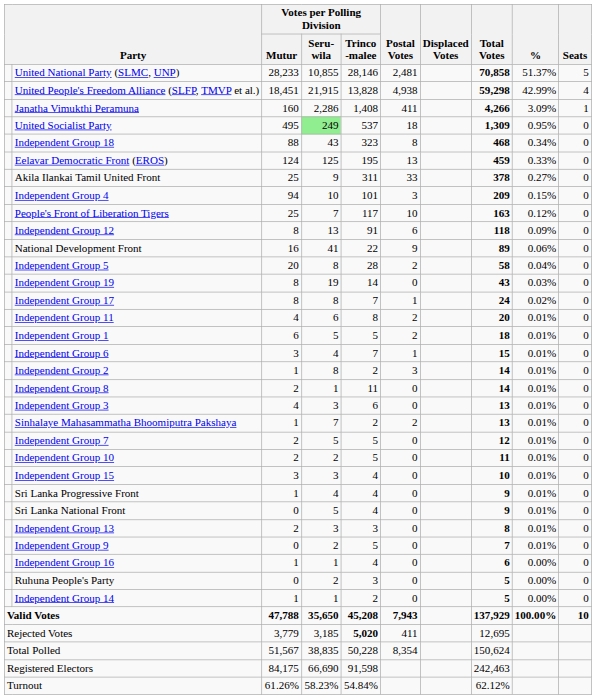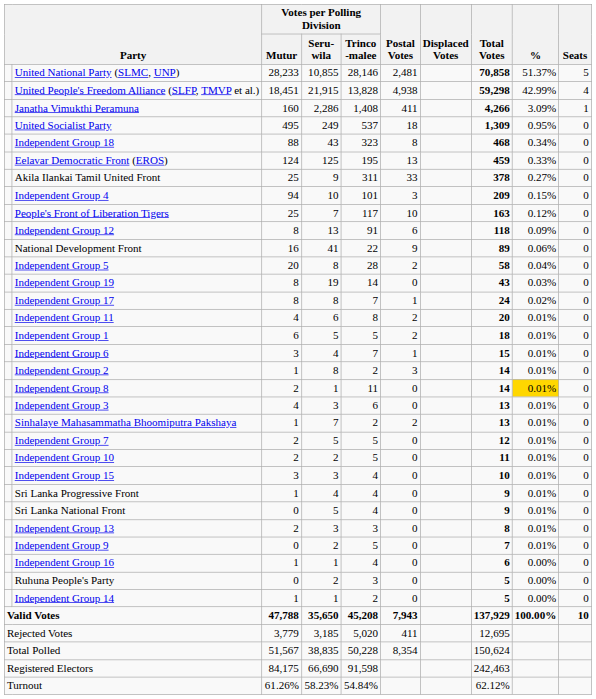 <table class="wikitable" border="1" style="text-align:right;">
 <tr>
 <th align=left valign=bottom rowspan=2 colspan=2>Party</th>
 <th colspan=3>Votes per Polling Division</th>
 <th align=center valign=bottom rowspan=2 width="50">Postal<br>Votes</th>
 <th align=center valign=bottom rowspan=2 width="50">Displaced<br>Votes</th>
 <th align=center valign=bottom rowspan=2 width="50">Total Votes</th>
 <th align=center valign=bottom rowspan=2 width="50">%</th>
 <th align=center valign=bottom rowspan=2 width="40">Seats</th>
 </tr>
 <tr>
 <th align=center valign=bottom width="50">Mutur</th>
 <th align=center valign=bottom width="50">Seru-<br>wila</th>
 <th align=center valign=bottom width="50">Trinco<br>-malee</th>
 </tr>
 <tr>
 <td bgcolor=> </td>
 <td align=left><a href='#'>United National Party</a> (<a href='#'>SLMC</a>, <a href='#'>UNP</a>)</td>
 <td>28,233</td>
 <td>10,855</td>
 <td>28,146</td>
 <td>2,481</td>
 <td></td>
 <td><strong>70,858</strong></td>
 <td>51.37%</td>
 <td>5</td>
 </tr>
 <tr>
 <td bgcolor=> </td>
 <td align=left><a href='#'>United People's Freedom Alliance</a> (<a href='#'>SLFP</a>, <a href='#'>TMVP</a> et al.)</td>
 <td>18,451</td>
 <td>21,915</td>
 <td>13,828</td>
 <td>4,938</td>
 <td></td>
 <td><strong>59,298</strong></td>
 <td>42.99%</td>
 <td>4</td>
 </tr>
 <tr>
 <td bgcolor=> </td>
 <td align=left><a href='#'>Janatha Vimukthi Peramuna</a></td>
 <td>160</td>
 <td>2,286</td>
 <td>1,408</td>
 <td>411</td>
 <td></td>
 <td><strong>4,266</strong></td>
 <td>3.09%</td>
 <td>1</td>
 </tr>
 <tr>
 <td></td>
 <td align=left><a href='#'>United Socialist Party</a></td>
 <td>495</td>
-<td style="background: lightgreen;">249</td>
+<td>249</td>
 <td>537</td>
 <td>18</td>
 <td></td>
 <td><strong>1,309</strong></td>
 <td>0.95%</td>
 <td>0</td>
 </tr>
 <tr>
 <td bgcolor=> </td>
 <td align=left><a href='#'>Independent Group 18</a></td>
 <td>88</td>
 <td>43</td>
 <td>323</td>
 <td>8</td>
 <td></td>
 <td><strong>468</strong></td>
 <td>0.34%</td>
 <td>0</td>
 </tr>
 <tr>
 <td bgcolor=> </td>
 <td align=left><a href='#'>Eelavar Democratic Front</a> (<a href='#'>EROS</a>)</td>
 <td>124</td>
 <td>125</td>
 <td>195</td>
 <td>13</td>
 <td></td>
 <td><strong>459</strong></td>
 <td>0.33%</td>
 <td>0</td>
 </tr>
 <tr>
 <td></td>
 <td align=left>Akila Ilankai Tamil United Front</td>
 <td>25</td>
 <td>9</td>
 <td>311</td>
 <td>33</td>
 <td></td>
 <td><strong>378</strong></td>
 <td>0.27%</td>
 <td>0</td>
 </tr>
 <tr>
 <td bgcolor=> </td>
 <td align=left><a href='#'>Independent Group 4</a></td>
 <td>94</td>
 <td>10</td>
 <td>101</td>
 <td>3</td>
 <td></td>
 <td><strong>209</strong></td>
 <td>0.15%</td>
 <td>0</td>
 </tr>
 <tr>
 <td></td>
 <td align=left><a href='#'>People's Front of Liberation Tigers</a></td>
 <td>25</td>
 <td>7</td>
 <td>117</td>
 <td>10</td>
 <td></td>
 <td><strong>163</strong></td>
 <td>0.12%</td>
 <td>0</td>
 </tr>
 <tr>
 <td bgcolor=> </td>
 <td align=left><a href='#'>Independent Group 12</a></td>
 <td>8</td>
 <td>13</td>
 <td>91</td>
 <td>6</td>
 <td></td>
 <td><strong>118</strong></td>
 <td>0.09%</td>
 <td>0</td>
 </tr>
 <tr>
 <td></td>
 <td align=left>National Development Front</td>
 <td>16</td>
 <td>41</td>
 <td>22</td>
 <td>9</td>
 <td></td>
 <td><strong>89</strong></td>
 <td>0.06%</td>
 <td>0</td>
 </tr>
 <tr>
 <td bgcolor=> </td>
 <td align=left><a href='#'>Independent Group 5</a></td>
 <td>20</td>
 <td>8</td>
 <td>28</td>
 <td>2</td>
 <td></td>
 <td><strong>58</strong></td>
 <td>0.04%</td>
 <td>0</td>
 </tr>
 <tr>
 <td bgcolor=> </td>
 <td align=left><a href='#'>Independent Group 19</a></td>
 <td>8</td>
 <td>19</td>
 <td>14</td>
 <td>0</td>
 <td></td>
 <td><strong>43</strong></td>
 <td>0.03%</td>
 <td>0</td>
 </tr>
 <tr>
 <td bgcolor=> </td>
 <td align=left><a href='#'>Independent Group 17</a></td>
 <td>8</td>
 <td>8</td>
 <td>7</td>
 <td>1</td>
 <td></td>
 <td><strong>24</strong></td>
 <td>0.02%</td>
 <td>0</td>
 </tr>
 <tr>
 <td bgcolor=> </td>
 <td align=left><a href='#'>Independent Group 11</a></td>
 <td>4</td>
 <td>6</td>
 <td>8</td>
 <td>2</td>
 <td></td>
 <td><strong>20</strong></td>
 <td>0.01%</td>
 <td>0</td>
 </tr>
 <tr>
 <td bgcolor=> </td>
 <td align=left><a href='#'>Independent Group 1</a></td>
 <td>6</td>
 <td>5</td>
 <td>5</td>
 <td>2</td>
 <td></td>
 <td><strong>18</strong></td>
 <td>0.01%</td>
 <td>0</td>
 </tr>
 <tr>
 <td bgcolor=> </td>
 <td align=left><a href='#'>Independent Group 6</a></td>
 <td>3</td>
 <td>4</td>
 <td>7</td>
 <td>1</td>
 <td></td>
 <td><strong>15</strong></td>
 <td>0.01%</td>
 <td>0</td>
 </tr>
 <tr>
 <td bgcolor=> </td>
 <td align=left><a href='#'>Independent Group 2</a></td>
 <td>1</td>
 <td>8</td>
 <td>2</td>
 <td>3</td>
 <td></td>
 <td><strong>14</strong></td>
 <td>0.01%</td>
 <td>0</td>
 </tr>
 <tr>
 <td bgcolor=> </td>
 <td align=left><a href='#'>Independent Group 8</a></td>
 <td>2</td>
 <td>1</td>
 <td>11</td>
 <td>0</td>
 <td></td>
 <td><strong>14</strong></td>
-<td>0.01%</td>
+<td style="background: gold;">0.01%</td>
 <td>0</td>
 </tr>
 <tr>
 <td bgcolor=> </td>
 <td align=left><a href='#'>Independent Group 3</a></td>
 <td>4</td>
 <td>3</td>
 <td>6</td>
 <td>0</td>
 <td></td>
 <td><strong>13</strong></td>
 <td>0.01%</td>
 <td>0</td>
 </tr>
 <tr>
 <td bgcolor=> </td>
 <td align=left><a href='#'>Sinhalaye Mahasammatha Bhoomiputra Pakshaya</a></td>
 <td>1</td>
 <td>7</td>
 <td>2</td>
 <td>2</td>
 <td></td>
 <td><strong>13</strong></td>
 <td>0.01%</td>
 <td>0</td>
 </tr>
 <tr>
 <td bgcolor=> </td>
 <td align=left><a href='#'>Independent Group 7</a></td>
 <td>2</td>
 <td>5</td>
 <td>5</td>
 <td>0</td>
 <td></td>
 <td><strong>12</strong></td>
 <td>0.01%</td>
 <td>0</td>
 </tr>
 <tr>
 <td bgcolor=> </td>
 <td align=left><a href='#'>Independent Group 10</a></td>
 <td>2</td>
 <td>2</td>
 <td>5</td>
 <td>0</td>
 <td></td>
 <td><strong>11</strong></td>
 <td>0.01%</td>
 <td>0</td>
 </tr>
 <tr>
 <td bgcolor=> </td>
 <td align=left><a href='#'>Independent Group 15</a></td>
 <td>3</td>
 <td>3</td>
 <td>4</td>
 <td>0</td>
 <td></td>
 <td><strong>10</strong></td>
 <td>0.01%</td>
 <td>0</td>
 </tr>
 <tr>
 <td></td>
 <td align=left>Sri Lanka Progressive Front</td>
 <td>1</td>
 <td>4</td>
 <td>4</td>
 <td>0</td>
 <td></td>
 <td><strong>9</strong></td>
 <td>0.01%</td>
 <td>0</td>
 </tr>
 <tr>
 <td></td>
 <td align=left>Sri Lanka National Front</td>
 <td>0</td>
 <td>5</td>
 <td>4</td>
 <td>0</td>
 <td></td>
 <td><strong>9</strong></td>
 <td>0.01%</td>
 <td>0</td>
 </tr>
 <tr>
 <td bgcolor=> </td>
 <td align=left><a href='#'>Independent Group 13</a></td>
 <td>2</td>
 <td>3</td>
 <td>3</td>
 <td>0</td>
 <td></td>
 <td><strong>8</strong></td>
 <td>0.01%</td>
 <td>0</td>
 </tr>
 <tr>
 <td bgcolor=> </td>
 <td align=left><a href='#'>Independent Group 9</a></td>
 <td>0</td>
 <td>2</td>
 <td>5</td>
 <td>0</td>
 <td></td>
 <td><strong>7</strong></td>
 <td>0.01%</td>
 <td>0</td>
 </tr>
 <tr>
 <td bgcolor=> </td>
 <td align=left><a href='#'>Independent Group 16</a></td>
 <td>1</td>
 <td>1</td>
 <td>4</td>
 <td>0</td>
 <td></td>
 <td><strong>6</strong></td>
 <td>0.00%</td>
 <td>0</td>
 </tr>
 <tr>
 <td></td>
 <td align=left>Ruhuna People's Party</td>
 <td>0</td>
 <td>2</td>
 <td>3</td>
 <td>0</td>
 <td></td>
 <td><strong>5</strong></td>
 <td>0.00%</td>
 <td>0</td>
 </tr>
 <tr>
 <td bgcolor=> </td>
 <td align=left><a href='#'>Independent Group 14</a></td>
 <td>1</td>
 <td>1</td>
 <td>2</td>
 <td>0</td>
 <td></td>
 <td><strong>5</strong></td>
 <td>0.00%</td>
 <td>0</td>
 </tr>
 <tr>
 <td align=left colspan=2><strong>Valid Votes</strong></td>
 <td><strong>47,788</strong></td>
 <td><strong>35,650</strong></td>
 <td><strong>45,208</strong></td>
 <td><strong>7,943</strong></td>
 <td></td>
 <td><strong>137,929</strong></td>
 <td><strong>100.00%</strong></td>
 <td><strong>10</strong></td>
 </tr>
 <tr>
 <td align=left colspan=2>Rejected Votes</td>
 <td>3,779</td>
 <td>3,185</td>
-<td><strong>5,020</strong></td>
+<td>5,020</td>
 <td>411</td>
 <td></td>
 <td>12,695</td>
 <td></td>
 <td></td>
 </tr>
 <tr>
 <td align=left colspan=2>Total Polled</td>
 <td>51,567</td>
 <td>38,835</td>
 <td>50,228</td>
 <td>8,354</td>
 <td></td>
 <td>150,624</td>
 <td></td>
 <td></td>
 </tr>
 <tr>
 <td align=left colspan=2>Registered Electors</td>
 <td>84,175</td>
 <td>66,690</td>
 <td>91,598</td>
 <td></td>
 <td></td>
 <td>242,463</td>
 <td></td>
 <td></td>
 </tr>
 <tr>
 <td align=left colspan=2>Turnout</td>
 <td>61.26%</td>
 <td>58.23%</td>
 <td>54.84%</td>
 <td></td>
 <td></td>
 <td>62.12%</td>
 <td></td>
 <td></td>
 </tr>
 </table>
